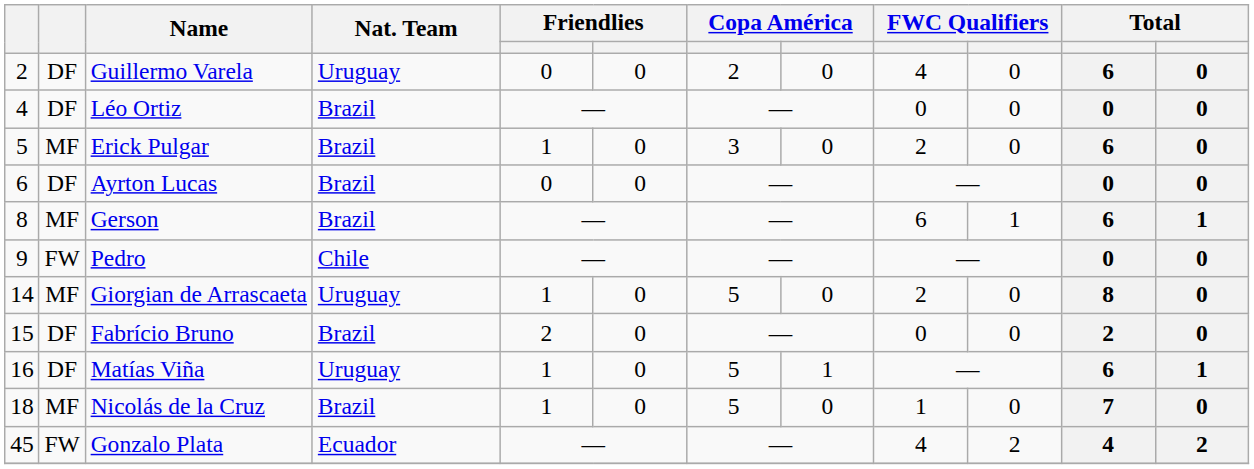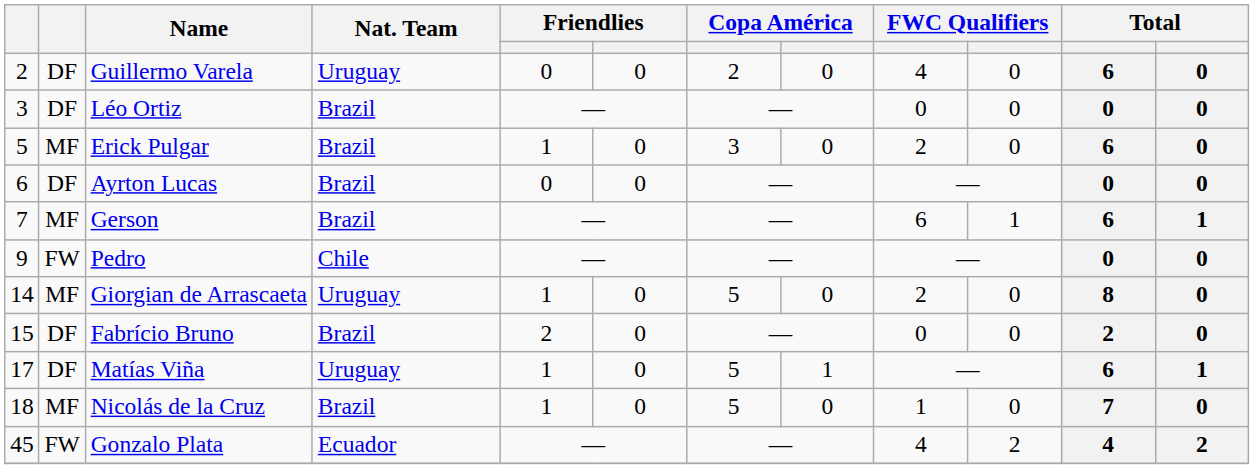 <table class="wikitable" style="text-align:center">
 <tr>
 <th rowspan="2"></th>
 <th rowspan="2"></th>
 <th rowspan="2">Name</th>
 <th rowspan="2" style="width:120px;">Nat. Team</th>
 <th colspan="2" style="width:120px;">Friendlies</th>
 <th colspan="2" style="width:120px;"><a href='#'>Copa América</a></th>
 <th colspan="2" style="width:120px;"><a href='#'>FWC Qualifiers</a></th>
 <th colspan="2" style="width:120px;">Total</th>
 </tr>
 <tr>
 <th></th>
 <th></th>
 <th></th>
 <th></th>
 <th></th>
 <th></th>
 <th></th>
 <th></th>
 </tr>
 <tr>
 <td>2</td>
 <td>DF</td>
 <td style="text-align:left;"><a href='#'>Guillermo Varela</a></td>
 <td style="text-align:left;"> <a href='#'>Uruguay</a></td>
 <td>0</td>
 <td>0</td>
 <td>2</td>
 <td>0</td>
 <td>4</td>
 <td>0</td>
 <th>6</th>
 <th>0</th>
 </tr>
 <tr>
-<td>4</td>
+<td>3</td>
 <td>DF</td>
 <td style="text-align:left;"><a href='#'>Léo Ortiz</a></td>
 <td style="text-align:left;"> <a href='#'>Brazil</a></td>
 <td colspan="2">—</td>
 <td colspan="2">—</td>
 <td>0</td>
 <td>0</td>
 <th>0</th>
 <th>0</th>
 </tr>
 <tr>
 <td>5</td>
 <td>MF</td>
 <td style="text-align:left;"><a href='#'>Erick Pulgar</a></td>
 <td style="text-align:left;"> <a href='#'>Brazil</a></td>
 <td>1</td>
 <td>0</td>
 <td>3</td>
 <td>0</td>
 <td>2</td>
 <td>0</td>
 <th>6</th>
 <th>0</th>
 </tr>
 <tr>
 <td>6</td>
 <td>DF</td>
 <td style="text-align:left;"><a href='#'>Ayrton Lucas</a></td>
 <td style="text-align:left;"> <a href='#'>Brazil</a></td>
 <td>0</td>
 <td>0</td>
 <td colspan="2">—</td>
 <td colspan="2">—</td>
 <th>0</th>
 <th>0</th>
 </tr>
 <tr>
-<td>8</td>
+<td>7</td>
 <td>MF</td>
 <td style="text-align:left;"><a href='#'>Gerson</a></td>
 <td style="text-align:left;"> <a href='#'>Brazil</a></td>
 <td colspan="2">—</td>
 <td colspan="2">—</td>
 <td>6</td>
 <td>1</td>
 <th>6</th>
 <th>1</th>
 </tr>
 <tr>
 <td>9</td>
 <td>FW</td>
 <td style="text-align:left;"><a href='#'>Pedro</a></td>
 <td style="text-align:left;"> <a href='#'>Chile</a></td>
 <td colspan="2">—</td>
 <td colspan="2">—</td>
 <td colspan="2">—</td>
 <th>0</th>
 <th>0</th>
 </tr>
 <tr>
 <td>14</td>
 <td>MF</td>
 <td style="text-align:left;"><a href='#'>Giorgian de Arrascaeta</a></td>
 <td style="text-align:left;"> <a href='#'>Uruguay</a></td>
 <td>1</td>
 <td>0</td>
 <td>5</td>
 <td>0</td>
 <td>2</td>
 <td>0</td>
 <th>8</th>
 <th>0</th>
 </tr>
 <tr>
 <td>15</td>
 <td>DF</td>
 <td style="text-align:left;"><a href='#'>Fabrício Bruno</a></td>
 <td style="text-align:left;"> <a href='#'>Brazil</a></td>
 <td>2</td>
 <td>0</td>
 <td colspan="2">—</td>
 <td>0</td>
 <td>0</td>
 <th>2</th>
 <th>0</th>
 </tr>
 <tr>
-<td>16</td>
+<td>17</td>
 <td>DF</td>
 <td style="text-align:left;"><a href='#'>Matías Viña</a></td>
 <td style="text-align:left;"> <a href='#'>Uruguay</a></td>
 <td>1</td>
 <td>0</td>
 <td>5</td>
 <td>1</td>
 <td colspan="2">—</td>
 <th>6</th>
 <th>1</th>
 </tr>
 <tr>
 <td>18</td>
 <td>MF</td>
 <td style="text-align:left;"><a href='#'>Nicolás de la Cruz</a></td>
 <td style="text-align:left;"> <a href='#'>Brazil</a></td>
 <td>1</td>
 <td>0</td>
 <td>5</td>
 <td>0</td>
 <td>1</td>
 <td>0</td>
 <th>7</th>
 <th>0</th>
 </tr>
 <tr>
 <td>45</td>
 <td>FW</td>
 <td style="text-align:left;"><a href='#'>Gonzalo Plata</a></td>
 <td style="text-align:left;"> <a href='#'>Ecuador</a></td>
 <td colspan="2">—</td>
 <td colspan="2">—</td>
 <td>4</td>
 <td>2</td>
 <th>4</th>
 <th>2</th>
 </tr>
 <tr>
 </tr>
 </table>
